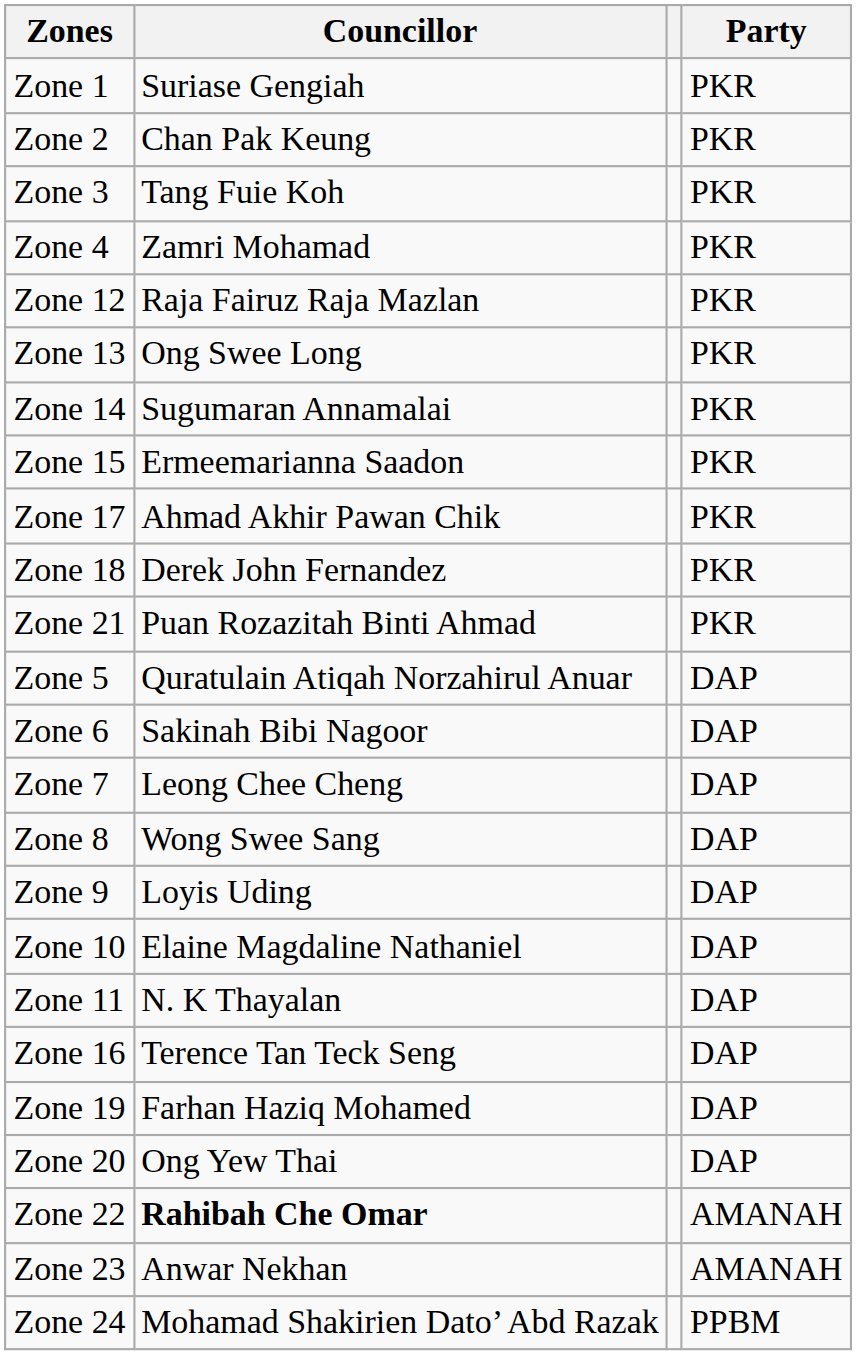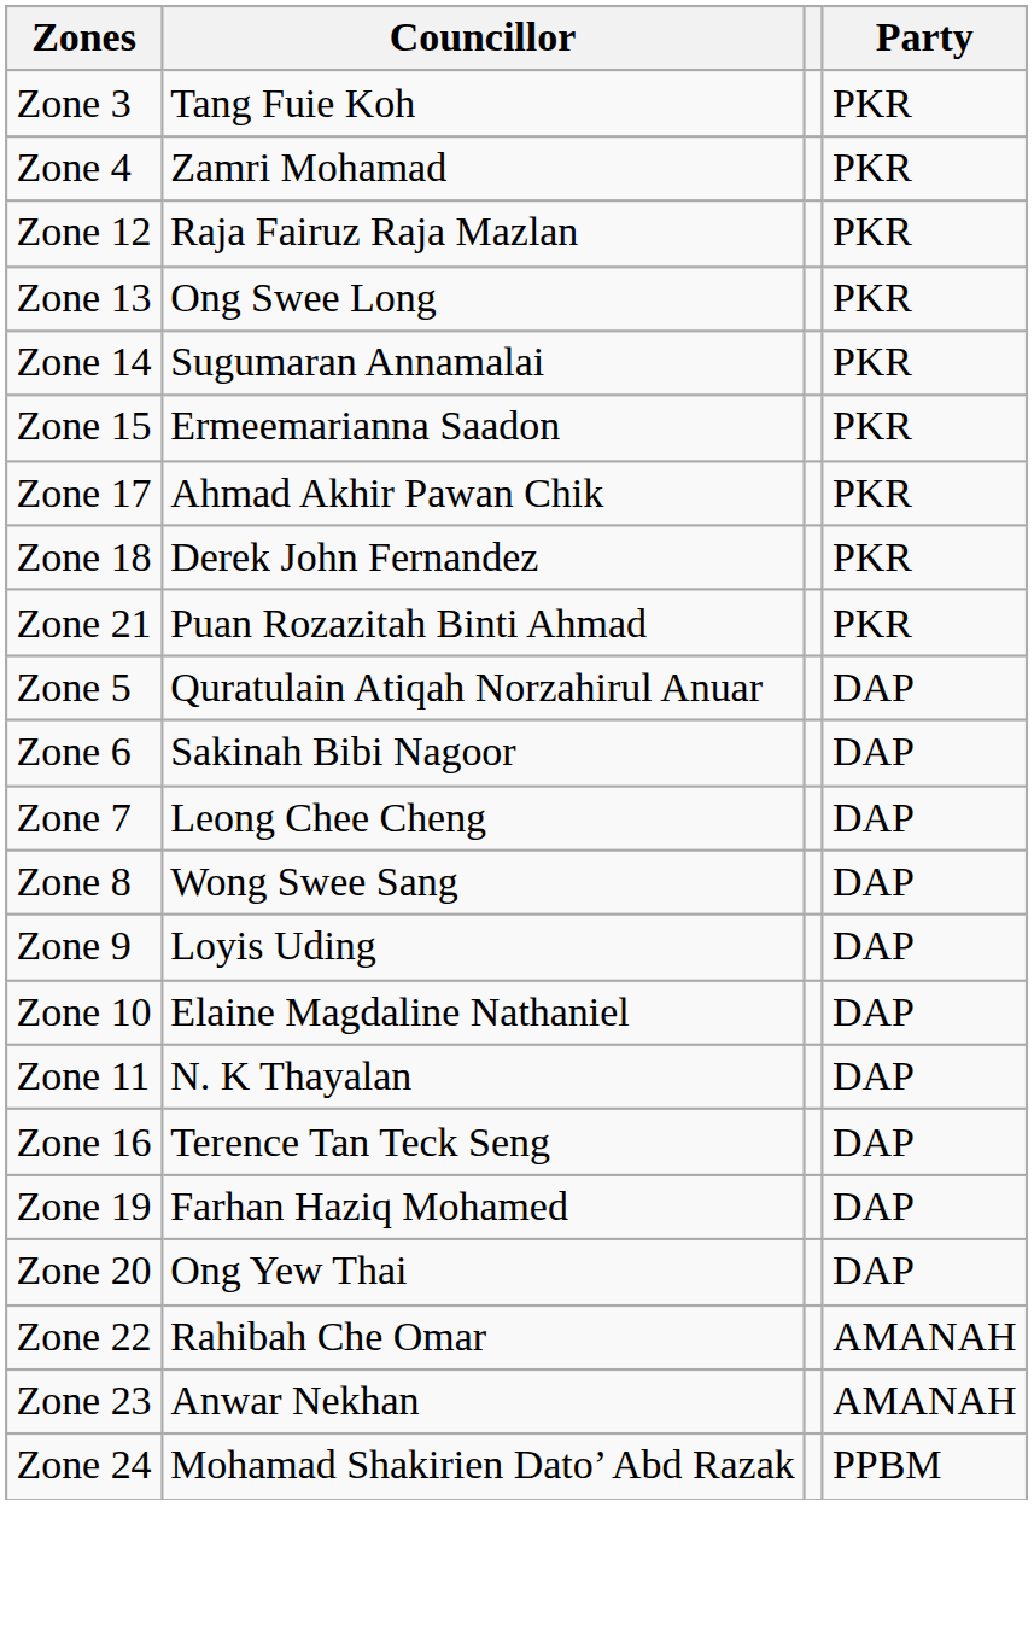 <table class="wikitable sortable" style="margin: 1em auto 1em auto">
 <tr>
 <th>Zones</th>
 <th>Councillor</th>
 <th></th>
 <th>Party</th>
-</tr>
-<tr>
-<td>Zone 1</td>
-<td>Suriase Gengiah</td>
-<td style="background:"></td>
-<td>PKR</td>
-</tr>
-<tr>
-<td>Zone 2</td>
-<td>Chan Pak Keung</td>
-<td style="background:"></td>
-<td>PKR</td>
 </tr>
 <tr>
 <td>Zone 3</td>
 <td>Tang Fuie Koh</td>
 <td style="background:"></td>
 <td>PKR</td>
 </tr>
 <tr>
 <td>Zone 4</td>
 <td>Zamri Mohamad</td>
 <td style="background:"></td>
 <td>PKR</td>
 </tr>
 <tr>
 <td>Zone 12</td>
 <td>Raja Fairuz Raja Mazlan</td>
 <td style="background:"></td>
 <td>PKR</td>
 </tr>
 <tr>
 <td>Zone 13</td>
 <td>Ong Swee Long</td>
 <td style="background:"></td>
 <td>PKR</td>
 </tr>
 <tr>
 <td>Zone 14</td>
 <td>Sugumaran Annamalai</td>
 <td style="background:"></td>
 <td>PKR</td>
 </tr>
 <tr>
 <td>Zone 15</td>
 <td>Ermeemarianna Saadon</td>
 <td style="background:"></td>
 <td>PKR</td>
 </tr>
 <tr>
 <td>Zone 17</td>
 <td>Ahmad Akhir Pawan Chik</td>
 <td style="background:"></td>
 <td>PKR</td>
 </tr>
 <tr>
 <td>Zone 18</td>
 <td>Derek John Fernandez</td>
 <td style="background:"></td>
 <td>PKR</td>
 </tr>
 <tr>
 <td>Zone 21</td>
 <td>Puan Rozazitah Binti Ahmad</td>
 <td style="background:"></td>
 <td>PKR</td>
 </tr>
 <tr>
 <td>Zone 5</td>
 <td>Quratulain Atiqah Norzahirul Anuar</td>
 <td style="background:"></td>
 <td>DAP</td>
 </tr>
 <tr>
 <td>Zone 6</td>
 <td>Sakinah Bibi Nagoor</td>
 <td style="background:"></td>
 <td>DAP</td>
 </tr>
 <tr>
 <td>Zone 7</td>
 <td>Leong Chee Cheng</td>
 <td style="background:"></td>
 <td>DAP</td>
 </tr>
 <tr>
 <td>Zone 8</td>
 <td>Wong Swee Sang</td>
 <td style="background:"></td>
 <td>DAP</td>
 </tr>
 <tr>
 <td>Zone 9</td>
 <td>Loyis Uding</td>
 <td style="background:"></td>
 <td>DAP</td>
 </tr>
 <tr>
 <td>Zone 10</td>
 <td>Elaine Magdaline Nathaniel</td>
 <td style="background:"></td>
 <td>DAP</td>
 </tr>
 <tr>
 <td>Zone 11</td>
 <td>N. K Thayalan</td>
 <td style="background:"></td>
 <td>DAP</td>
 </tr>
 <tr>
 <td>Zone 16</td>
 <td>Terence Tan Teck Seng</td>
 <td style="background:"></td>
 <td>DAP</td>
 </tr>
 <tr>
 <td>Zone 19</td>
 <td>Farhan Haziq Mohamed</td>
 <td style="background:"></td>
 <td>DAP</td>
 </tr>
 <tr>
 <td>Zone 20</td>
 <td>Ong Yew Thai</td>
 <td style="background:"></td>
 <td>DAP</td>
 </tr>
 <tr>
 <td>Zone 22</td>
-<td><strong>Rahibah Che Omar</strong></td>
+<td>Rahibah Che Omar</td>
 <td style="background:"></td>
 <td>AMANAH</td>
 </tr>
 <tr>
 <td>Zone 23</td>
 <td>Anwar Nekhan</td>
 <td style="background:"></td>
 <td>AMANAH</td>
 </tr>
 <tr>
 <td>Zone 24</td>
 <td>Mohamad Shakirien Dato’ Abd Razak</td>
 <td style="background:"></td>
 <td>PPBM</td>
 </tr>
 </table>
